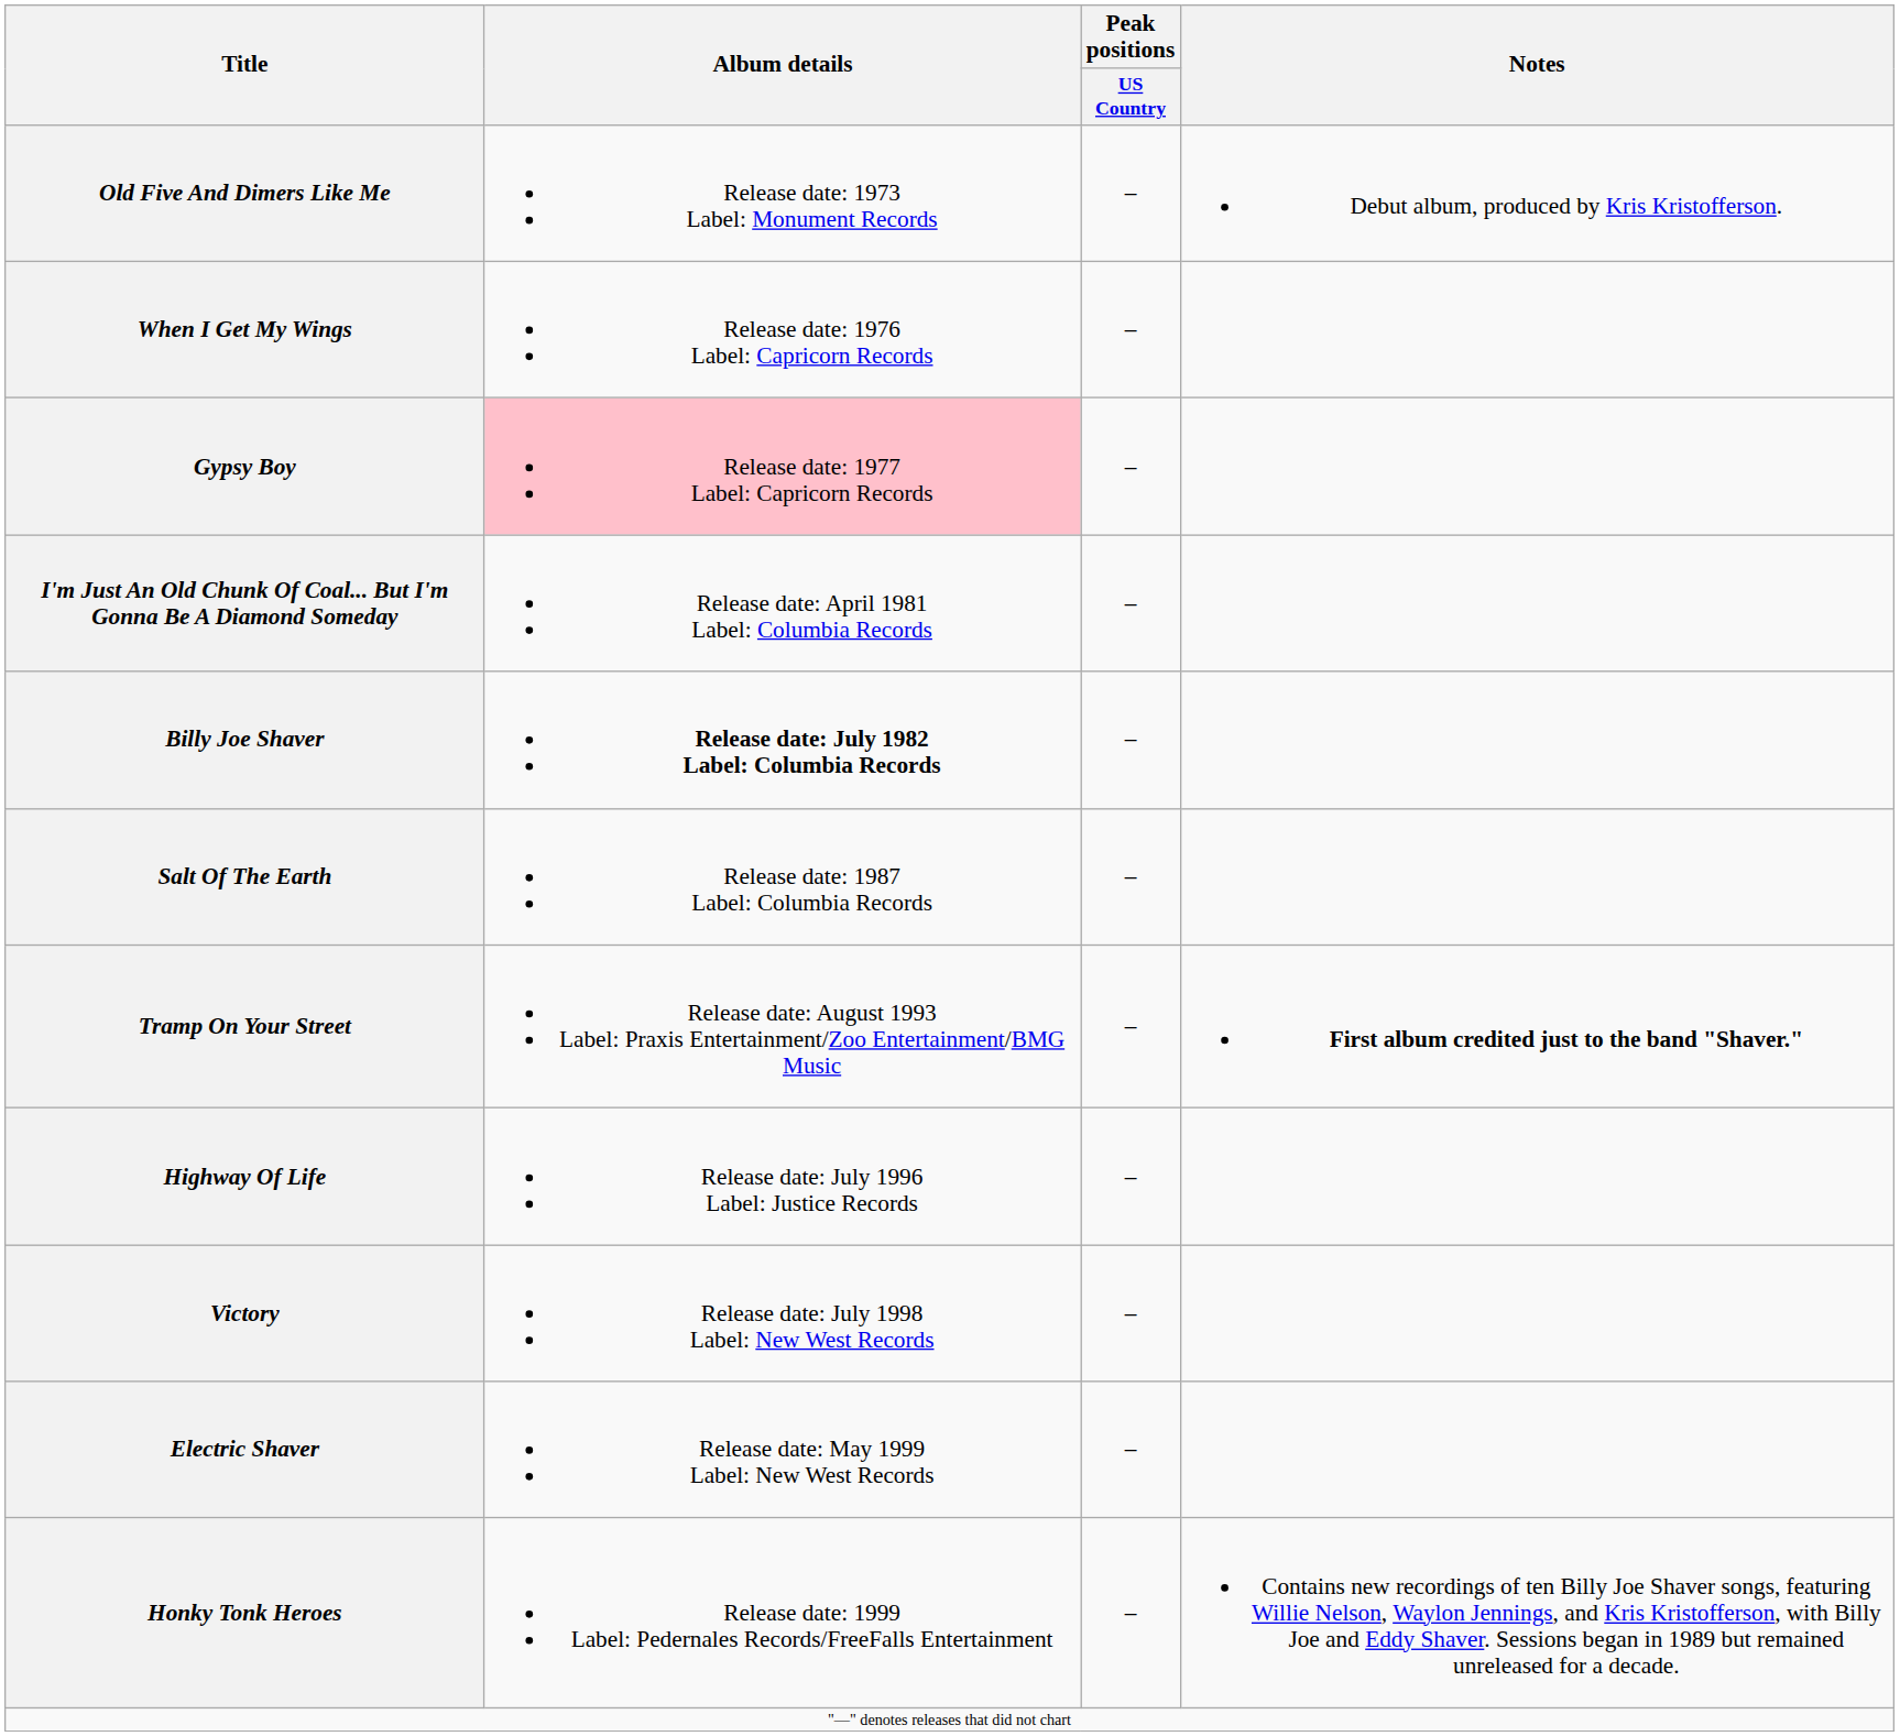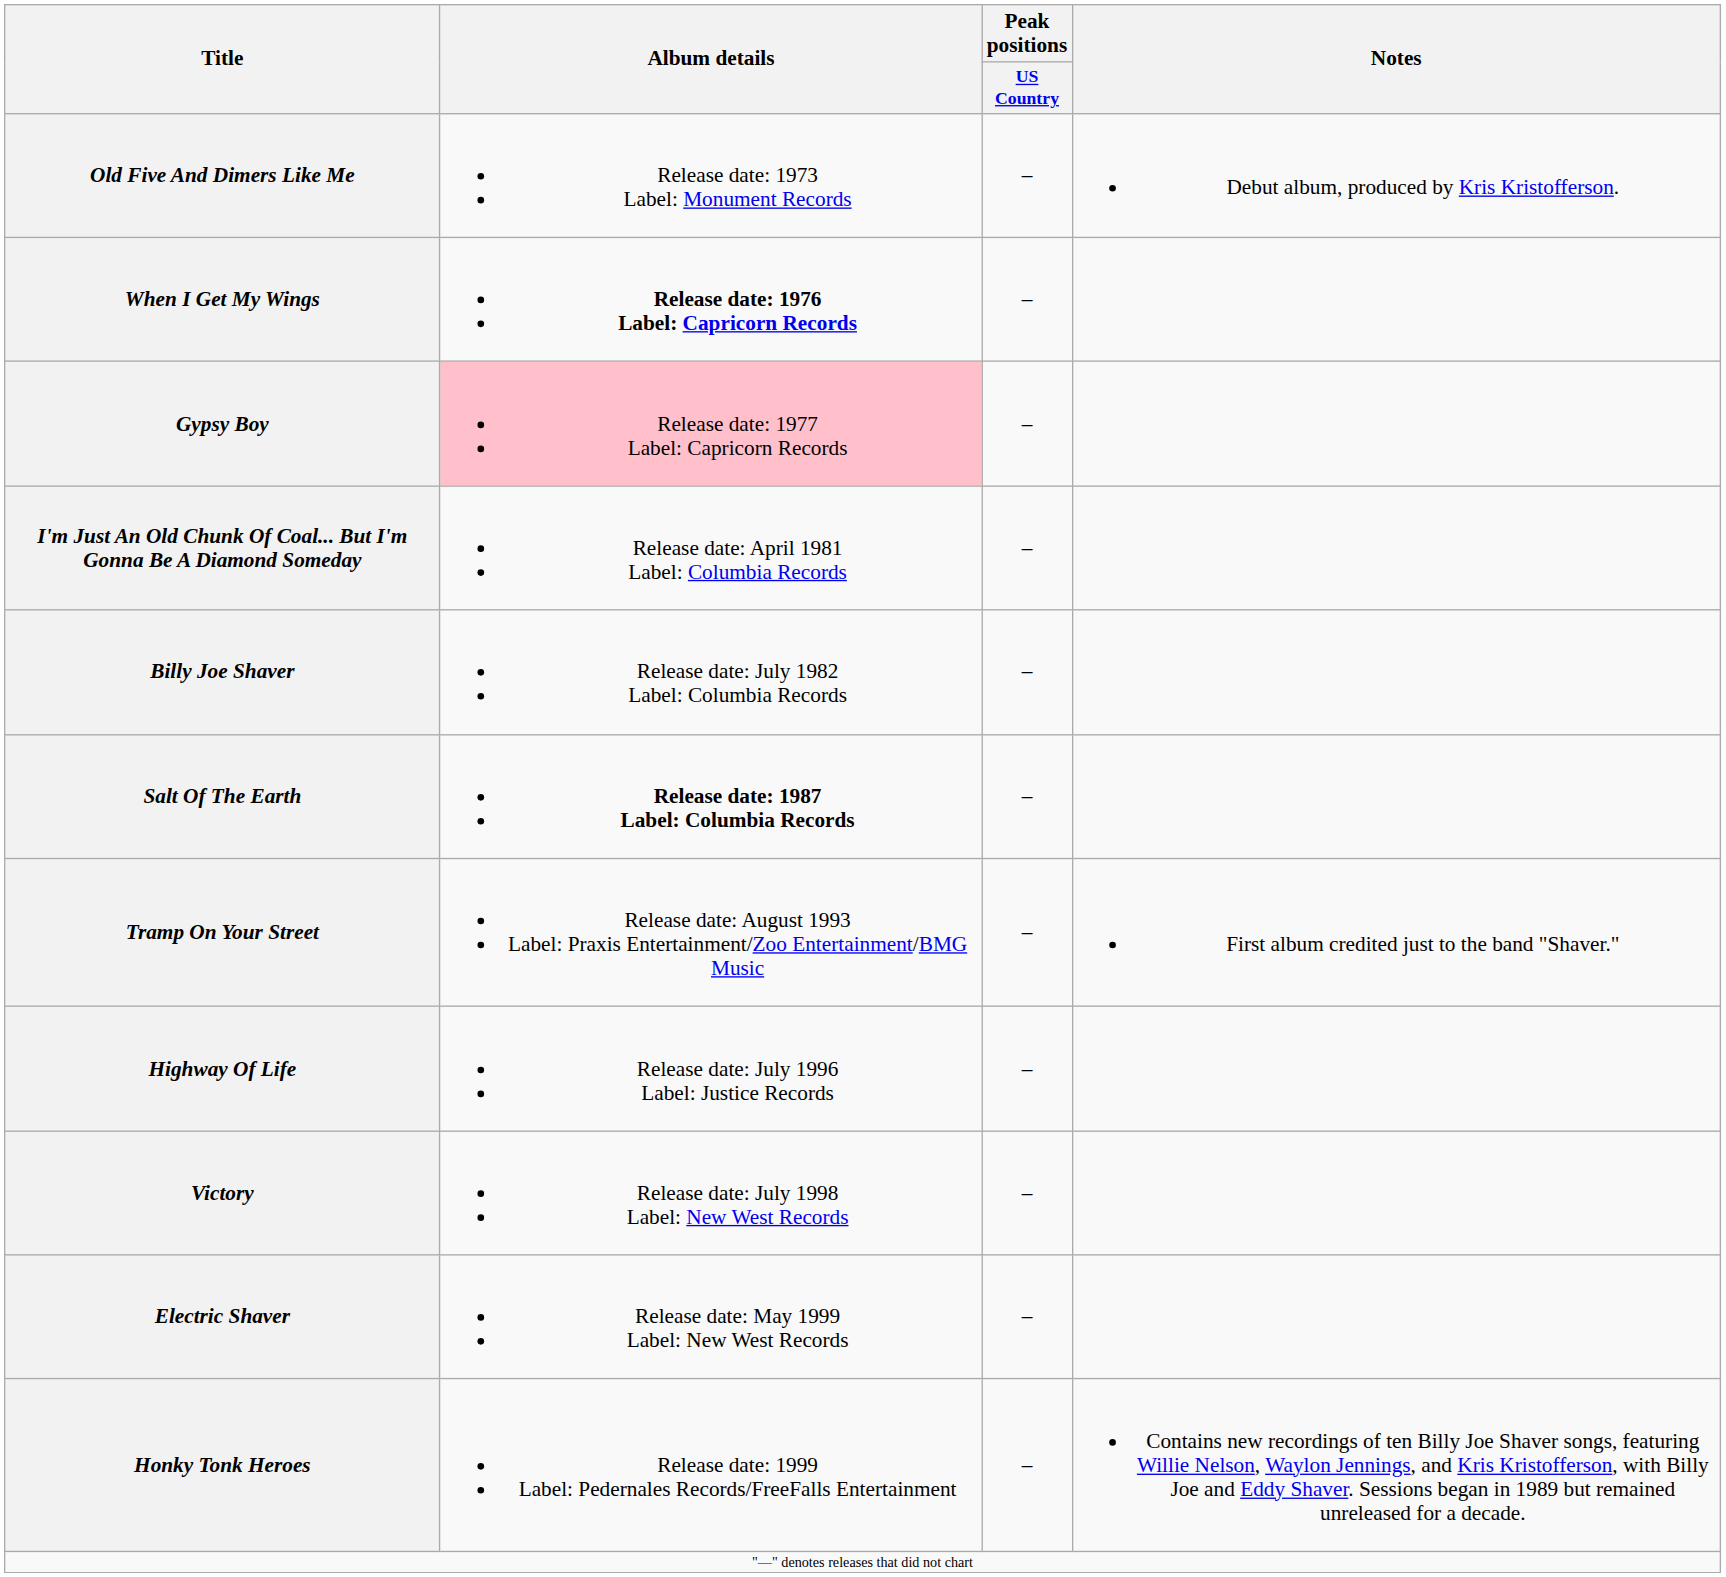 <table class="wikitable plainrowheaders" style="text-align:center;">
 <tr>
 <th rowspan="2" style="width:20em;">Title</th>
 <th rowspan="2" style="width:25em;">Album details</th>
 <th>Peak positions</th>
 <th rowspan="2" style="width:30em;">Notes</th>
 </tr>
 <tr style="font-size:smaller;">
 <th style="width:45px;"><a href='#'>US Country</a></th>
 </tr>
 <tr>
 <th scope="row"><em>Old Five And Dimers Like Me</em></th>
 <td><br><ul><li>Release date: 1973</li><li>Label: <a href='#'>Monument Records</a></li></ul></td>
 <td>–</td>
 <td><br><ul><li>Debut album, produced by <a href='#'>Kris Kristofferson</a>.</li></ul></td>
 </tr>
 <tr>
 <th scope="row"><em>When I Get My Wings</em></th>
-<td><br><ul><li>Release date: 1976</li><li>Label: <a href='#'>Capricorn Records</a></li></ul></td>
+<td><strong><br><ul><li>Release date: 1976</li><li>Label: <a href='#'>Capricorn Records</a></li></ul></strong></td>
 <td>–</td>
 <td></td>
 </tr>
 <tr>
 <th scope="row"><em>Gypsy Boy</em></th>
 <td style="background: pink;"><br><ul><li>Release date: 1977</li><li>Label: Capricorn Records</li></ul></td>
 <td>–</td>
 <td></td>
 </tr>
 <tr>
 <th scope="row"><em>I'm Just An Old Chunk Of Coal... But I'm Gonna Be A Diamond Someday</em></th>
 <td><br><ul><li>Release date: April 1981</li><li>Label: <a href='#'>Columbia Records</a></li></ul></td>
 <td>–</td>
 <td></td>
 </tr>
 <tr>
 <th scope="row"><em>Billy Joe Shaver</em></th>
-<td><strong><br><ul><li>Release date: July 1982</li><li>Label: Columbia Records</li></ul></strong></td>
+<td><br><ul><li>Release date: July 1982</li><li>Label: Columbia Records</li></ul></td>
 <td>–</td>
 <td></td>
 </tr>
 <tr>
 <th scope="row"><em>Salt Of The Earth</em></th>
-<td><br><ul><li>Release date: 1987</li><li>Label: Columbia Records</li></ul></td>
+<td><strong><br><ul><li>Release date: 1987</li><li>Label: Columbia Records</li></ul></strong></td>
 <td>–</td>
 <td></td>
 </tr>
 <tr>
 <th scope="row"><em>Tramp On Your Street</em></th>
 <td><br><ul><li>Release date: August 1993</li><li>Label: Praxis Entertainment/<a href='#'>Zoo Entertainment</a>/<a href='#'>BMG Music</a></li></ul></td>
 <td>–</td>
-<td><strong><br><ul><li>First album credited just to the band "Shaver."</li></ul></strong></td>
+<td><br><ul><li>First album credited just to the band "Shaver."</li></ul></td>
 </tr>
 <tr>
 <th scope="row"><em>Highway Of Life</em></th>
 <td><br><ul><li>Release date: July 1996</li><li>Label: Justice Records</li></ul></td>
 <td>–</td>
 <td></td>
 </tr>
 <tr>
 <th scope="row"><em>Victory</em></th>
 <td><br><ul><li>Release date: July 1998</li><li>Label: <a href='#'>New West Records</a></li></ul></td>
 <td>–</td>
 <td></td>
 </tr>
 <tr>
 <th scope="row"><em>Electric Shaver</em></th>
 <td><br><ul><li>Release date: May 1999</li><li>Label: New West Records</li></ul></td>
 <td>–</td>
 <td></td>
 </tr>
 <tr>
 <th scope="row"><em>Honky Tonk Heroes</em></th>
 <td><br><ul><li>Release date: 1999</li><li>Label: Pedernales Records/FreeFalls Entertainment</li></ul></td>
 <td>–</td>
 <td><br><ul><li>Contains new recordings of ten Billy Joe Shaver songs, featuring <a href='#'>Willie Nelson</a>, <a href='#'>Waylon Jennings</a>, and <a href='#'>Kris Kristofferson</a>, with Billy Joe and <a href='#'>Eddy Shaver</a>.  Sessions began in 1989 but remained unreleased for a decade.</li></ul></td>
 </tr>
 <tr>
 <td colspan="8" style="font-size:8pt">"—" denotes releases that did not chart</td>
 </tr>
 <tr>
 </tr>
 </table>
